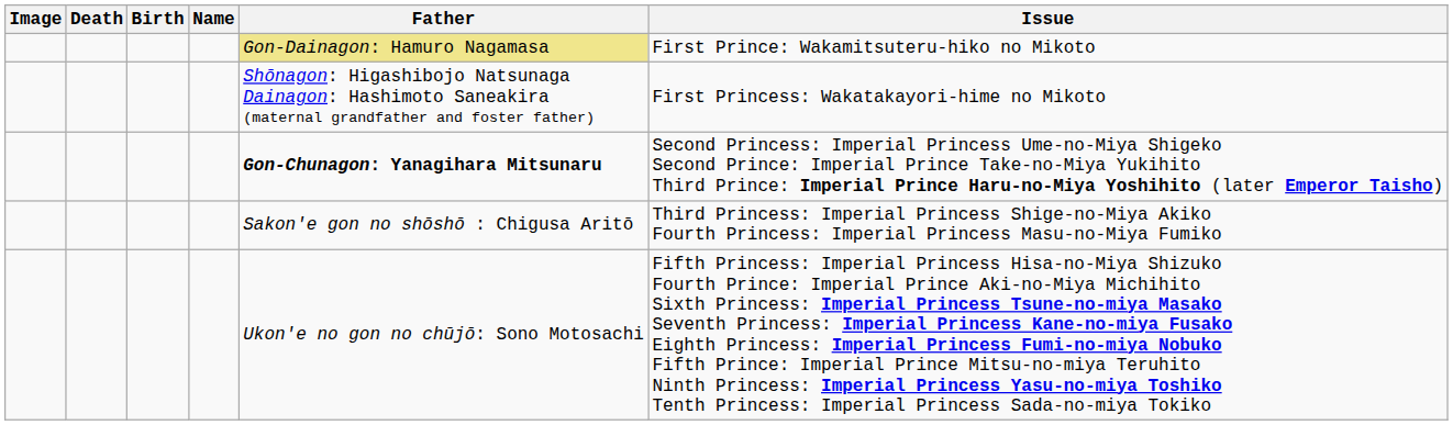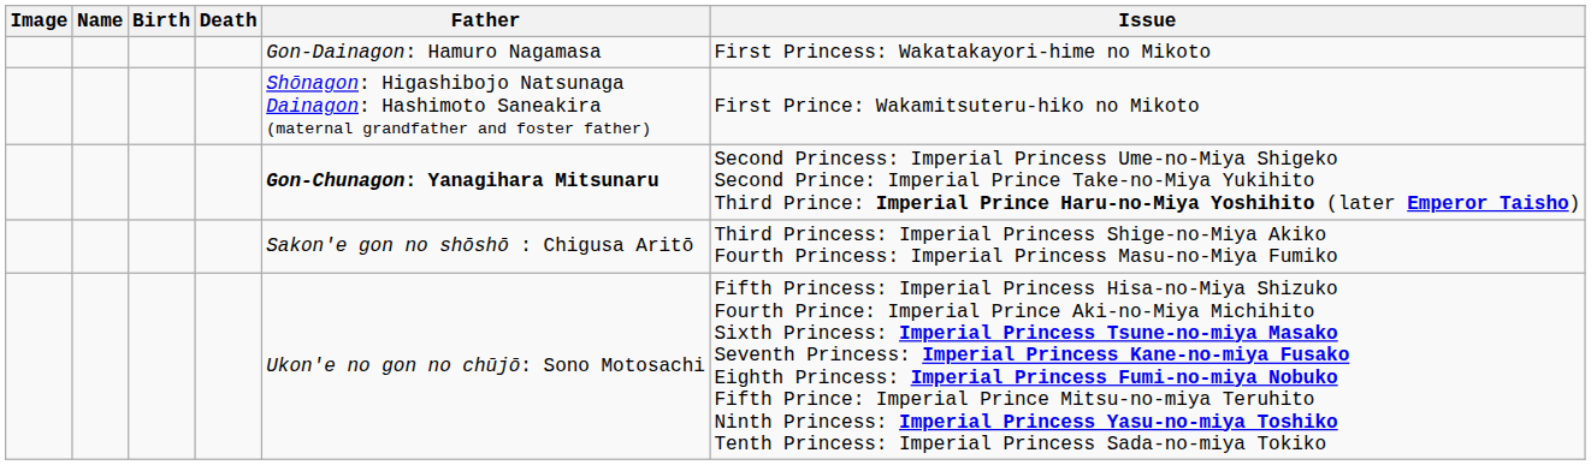 <table class="wikitable sortable">
 <tr>
 <th class="unsortable">Image</th>
+<th>Name</th>
+<th>Birth</th>
 <th>Death</th>
-<th>Birth</th>
-<th>Name</th>
 <th>Father</th>
 <th class="unsortable">Issue</th>
 </tr>
 <tr>
 <td></td>
+<td></td>
 <td align="center"></td>
 <td align="center"></td>
+<td><em>Gon-Dainagon</em>: Hamuro Nagamasa</td>
+<td>First Princess: Wakatakayori-hime no Mikoto</td>
+</tr>
+<tr>
 <td></td>
-<td style="background: khaki;"><em>Gon-Dainagon</em>: Hamuro Nagamasa</td>
+<td></td>
+<td align="center"></td>
+<td align="center"></td>
+<td><em><a href='#'>Shōnagon</a></em>: Higashibojo Natsunaga<br> <em><a href='#'>Dainagon</a></em>: Hashimoto Saneakira<br><small> (maternal grandfather and foster father)</small></td>
 <td>First Prince: Wakamitsuteru-hiko no Mikoto</td>
 </tr>
 <tr>
 <td></td>
-<td align="center"></td>
-<td align="center"></td>
-<td></td>
-<td><em><a href='#'>Shōnagon</a></em>: Higashibojo Natsunaga<br> <em><a href='#'>Dainagon</a></em>: Hashimoto Saneakira<br><small> (maternal grandfather and foster father)</small></td>
-<td>First Princess: Wakatakayori-hime no Mikoto</td>
-</tr>
-<tr>
 <td></td>
 <td align="center"></td>
 <td align="center"></td>
-<td></td>
 <td><strong><em>Gon-Chunagon</em>: Yanagihara Mitsunaru</strong></td>
 <td>Second Princess: Imperial Princess Ume-no-Miya Shigeko<br>Second Prince: Imperial Prince Take-no-Miya Yukihito<br>Third Prince: <strong>Imperial Prince Haru-no-Miya Yoshihito</strong> (later <strong><a href='#'>Emperor Taisho</a></strong>)</td>
 </tr>
 <tr>
 <td></td>
+<td></td>
 <td align="center"></td>
 <td align="center"></td>
-<td></td>
 <td><em>Sakon'e gon no shōshō </em>: Chigusa Aritō</td>
 <td>Third Princess: Imperial Princess Shige-no-Miya Akiko<br>Fourth Princess: Imperial Princess Masu-no-Miya Fumiko</td>
 </tr>
 <tr>
 <td></td>
+<td></td>
 <td align="center"></td>
 <td align="center"></td>
-<td></td>
 <td><em>Ukon'e no gon no chūjō</em>: Sono Motosachi</td>
 <td>Fifth Princess: Imperial Princess Hisa-no-Miya Shizuko<br>Fourth Prince: Imperial Prince Aki-no-Miya Michihito<br>Sixth Princess: <strong><a href='#'>Imperial Princess Tsune-no-miya Masako</a></strong><br>Seventh Princess: <strong><a href='#'>Imperial Princess Kane-no-miya Fusako</a></strong><br>Eighth Princess: <strong><a href='#'>Imperial Princess Fumi-no-miya Nobuko</a></strong><br>Fifth Prince: Imperial Prince Mitsu-no-miya Teruhito<br>Ninth Princess: <strong><a href='#'>Imperial Princess Yasu-no-miya Toshiko</a></strong><br>Tenth Princess: Imperial Princess Sada-no-miya Tokiko</td>
 </tr>
 </table>
